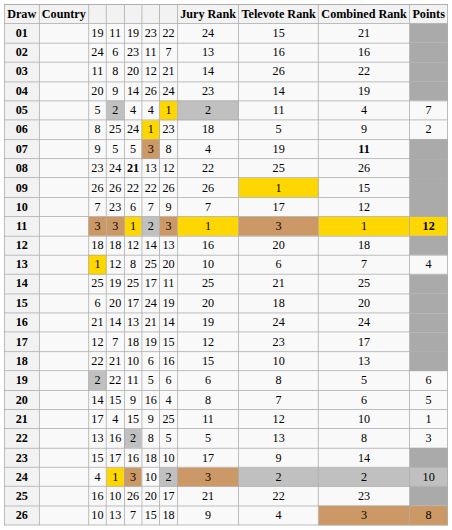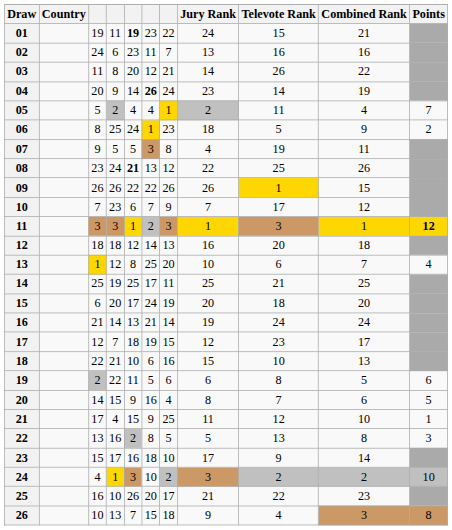 <table class="sortable wikitable collapsible plainrowheaders" style="text-align:center">
 <tr>
 </tr>
 <tr>
 <th scope="col">Draw</th>
 <th scope="col">Country</th>
 <th scope="col"><small></small></th>
 <th scope="col"><small></small></th>
 <th scope="col"><small></small></th>
 <th scope="col"><small></small></th>
 <th scope="col"><small></small></th>
 <th scope="col">Jury Rank</th>
 <th scope="col">Televote Rank</th>
 <th scope="col">Combined Rank</th>
 <th scope="col">Points</th>
 </tr>
 <tr>
 <th scope="row" style="text-align:center;">01</th>
 <td style="text-align:left;"></td>
 <td>19</td>
 <td>11</td>
-<td>19</td>
+<td><strong>19</strong></td>
 <td>23</td>
 <td>22</td>
 <td>24</td>
 <td>15</td>
 <td>21</td>
 <td style="background:#AAAAAA;"></td>
 </tr>
 <tr>
 <th scope="row" style="text-align:center;">02</th>
 <td style="text-align:left;"></td>
 <td>24</td>
 <td>6</td>
 <td>23</td>
 <td>11</td>
 <td>7</td>
 <td>13</td>
 <td>16</td>
 <td>16</td>
 <td style="background:#AAAAAA;"></td>
 </tr>
 <tr>
 <th scope="row" style="text-align:center;">03</th>
 <td style="text-align:left;"></td>
 <td>11</td>
 <td>8</td>
 <td>20</td>
 <td>12</td>
 <td>21</td>
 <td>14</td>
 <td>26</td>
 <td>22</td>
 <td style="background:#AAAAAA;"></td>
 </tr>
 <tr>
 <th scope="row" style="text-align:center;">04</th>
 <td style="text-align:left;"></td>
 <td>20</td>
 <td>9</td>
 <td>14</td>
-<td>26</td>
+<td><strong>26</strong></td>
 <td>24</td>
 <td>23</td>
 <td>14</td>
 <td>19</td>
 <td style="background:#AAAAAA;"></td>
 </tr>
 <tr>
 <th scope="row" style="text-align:center;">05</th>
 <td style="text-align:left;"></td>
 <td>5</td>
 <td style="background:silver;">2</td>
 <td>4</td>
 <td>4</td>
 <td style="background:gold;">1</td>
 <td style="background:silver;">2</td>
 <td>11</td>
 <td>4</td>
 <td>7</td>
 </tr>
 <tr>
 <th scope="row" style="text-align:center;">06</th>
 <td style="text-align:left;"></td>
 <td>8</td>
 <td>25</td>
 <td>24</td>
 <td style="background:gold;">1</td>
 <td>23</td>
 <td>18</td>
 <td>5</td>
 <td>9</td>
 <td>2</td>
 </tr>
 <tr>
 <th scope="row" style="text-align:center;">07</th>
 <td style="text-align:left;"></td>
 <td>9</td>
 <td>5</td>
 <td>5</td>
 <td style="background:#CC9966;">3</td>
 <td>8</td>
 <td>4</td>
 <td>19</td>
-<td><strong>11</strong></td>
+<td>11</td>
 <td style="background:#AAAAAA;"></td>
 </tr>
 <tr>
 <th scope="row" style="text-align:center;">08</th>
 <td style="text-align:left;"></td>
 <td>23</td>
 <td>24</td>
 <td><strong>21</strong></td>
 <td>13</td>
 <td>12</td>
 <td>22</td>
 <td>25</td>
 <td>26</td>
 <td style="background:#AAAAAA;"></td>
 </tr>
 <tr>
 <th scope="row" style="text-align:center;">09</th>
 <td style="text-align:left;"></td>
 <td>26</td>
 <td>26</td>
 <td>22</td>
 <td>22</td>
 <td>26</td>
 <td>26</td>
 <td style="background:gold;">1</td>
 <td>15</td>
 <td style="background:#AAAAAA;"></td>
 </tr>
 <tr>
 <th scope="row" style="text-align:center;">10</th>
 <td style="text-align:left;"></td>
 <td>7</td>
 <td>23</td>
 <td>6</td>
 <td>7</td>
 <td>9</td>
 <td>7</td>
 <td>17</td>
 <td>12</td>
 <td style="background:#AAAAAA;"></td>
 </tr>
 <tr>
 <th scope="row" style="text-align:center;">11</th>
 <td style="text-align:left;"></td>
 <td style="background:#CC9966;">3</td>
 <td style="background:#CC9966;">3</td>
 <td style="background:gold;">1</td>
 <td style="background:silver;">2</td>
 <td style="background:#CC9966;">3</td>
 <td style="background:gold;">1</td>
 <td style="background:#CC9966;">3</td>
 <td style="background:gold;">1</td>
 <td style="background:gold;"><strong>12</strong></td>
 </tr>
 <tr>
 <th scope="row" style="text-align:center;">12</th>
 <td style="text-align:left;"></td>
 <td>18</td>
 <td>18</td>
 <td>12</td>
 <td>14</td>
 <td>13</td>
 <td>16</td>
 <td>20</td>
 <td>18</td>
 <td style="background:#AAAAAA;"></td>
 </tr>
 <tr>
 <th scope="row" style="text-align:center;">13</th>
 <td style="text-align:left;"></td>
 <td style="background:gold;">1</td>
 <td>12</td>
 <td>8</td>
 <td>25</td>
 <td>20</td>
 <td>10</td>
 <td>6</td>
 <td>7</td>
 <td>4</td>
 </tr>
 <tr>
 <th scope="row" style="text-align:center;">14</th>
 <td style="text-align:left;"></td>
 <td>25</td>
 <td>19</td>
 <td>25</td>
 <td>17</td>
 <td>11</td>
 <td>25</td>
 <td>21</td>
 <td>25</td>
 <td style="background:#AAAAAA;"></td>
 </tr>
 <tr>
 <th scope="row" style="text-align:center;">15</th>
 <td style="text-align:left;"></td>
 <td>6</td>
 <td>20</td>
 <td>17</td>
 <td>24</td>
 <td>19</td>
 <td>20</td>
 <td>18</td>
 <td>20</td>
 <td style="background:#AAAAAA;"></td>
 </tr>
 <tr>
 <th scope="row" style="text-align:center;">16</th>
 <td style="text-align:left;"></td>
 <td>21</td>
 <td>14</td>
 <td>13</td>
 <td>21</td>
 <td>14</td>
 <td>19</td>
 <td>24</td>
 <td>24</td>
 <td style="background:#AAAAAA;"></td>
 </tr>
 <tr>
 <th scope="row" style="text-align:center;">17</th>
 <td style="text-align:left;"></td>
 <td>12</td>
 <td>7</td>
 <td>18</td>
 <td>19</td>
 <td>15</td>
 <td>12</td>
 <td>23</td>
 <td>17</td>
 <td style="background:#AAAAAA;"></td>
 </tr>
 <tr>
 <th scope="row" style="text-align:center;">18</th>
 <td style="text-align:left;"></td>
 <td>22</td>
 <td>21</td>
 <td>10</td>
 <td>6</td>
 <td>16</td>
 <td>15</td>
 <td>10</td>
 <td>13</td>
 <td style="background:#AAAAAA;"></td>
 </tr>
 <tr>
 <th scope="row" style="text-align:center;">19</th>
 <td style="text-align:left;"></td>
 <td style="background:silver;">2</td>
 <td>22</td>
 <td>11</td>
 <td>5</td>
 <td>6</td>
 <td>6</td>
 <td>8</td>
 <td>5</td>
 <td>6</td>
 </tr>
 <tr>
 <th scope="row" style="text-align:center;">20</th>
 <td style="text-align:left;"></td>
 <td>14</td>
 <td>15</td>
 <td>9</td>
 <td>16</td>
 <td>4</td>
 <td>8</td>
 <td>7</td>
 <td>6</td>
 <td>5</td>
 </tr>
 <tr>
 <th scope="row" style="text-align:center;">21</th>
 <td style="text-align:left;"></td>
 <td>17</td>
 <td>4</td>
 <td>15</td>
 <td>9</td>
 <td>25</td>
 <td>11</td>
 <td>12</td>
 <td>10</td>
 <td>1</td>
 </tr>
 <tr>
 <th scope="row" style="text-align:center;">22</th>
 <td style="text-align:left;"></td>
 <td>13</td>
 <td>16</td>
 <td style="background:silver;">2</td>
 <td>8</td>
 <td>5</td>
 <td>5</td>
 <td>13</td>
 <td>8</td>
 <td>3</td>
 </tr>
 <tr>
 <th scope="row" style="text-align:center;">23</th>
 <td style="text-align:left;"></td>
 <td>15</td>
 <td>17</td>
 <td>16</td>
 <td>18</td>
 <td>10</td>
 <td>17</td>
 <td>9</td>
 <td>14</td>
 <td style="background:#AAAAAA;"></td>
 </tr>
 <tr>
 <th scope="row" style="text-align:center;">24</th>
 <td style="text-align:left;"></td>
 <td>4</td>
 <td style="background:gold;">1</td>
 <td style="background:#CC9966;">3</td>
 <td>10</td>
 <td style="background:silver;">2</td>
 <td style="background:#CC9966;">3</td>
 <td style="background:silver;">2</td>
 <td style="background:silver;">2</td>
 <td style="background:silver;">10</td>
 </tr>
 <tr>
 <th scope="row" style="text-align:center;">25</th>
 <td style="text-align:left;"></td>
 <td>16</td>
 <td>10</td>
 <td>26</td>
 <td>20</td>
 <td>17</td>
 <td>21</td>
 <td>22</td>
 <td>23</td>
 <td style="background:#AAAAAA;"></td>
 </tr>
 <tr>
 <th scope="row" style="text-align:center;">26</th>
 <td style="text-align:left;"></td>
 <td>10</td>
 <td>13</td>
 <td>7</td>
 <td>15</td>
 <td>18</td>
 <td>9</td>
 <td>4</td>
 <td style="background:#CC9966;">3</td>
 <td style="background:#CC9966;">8</td>
 </tr>
 </table>
